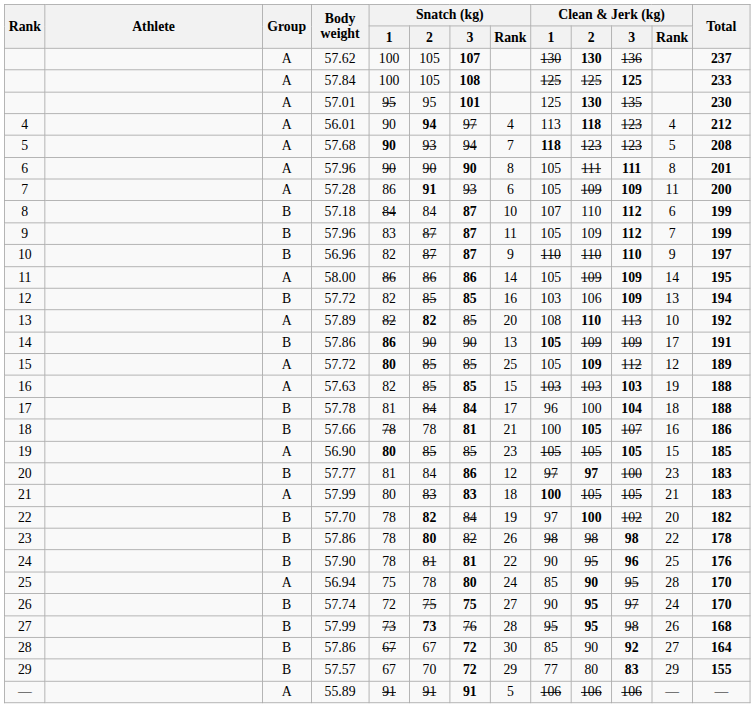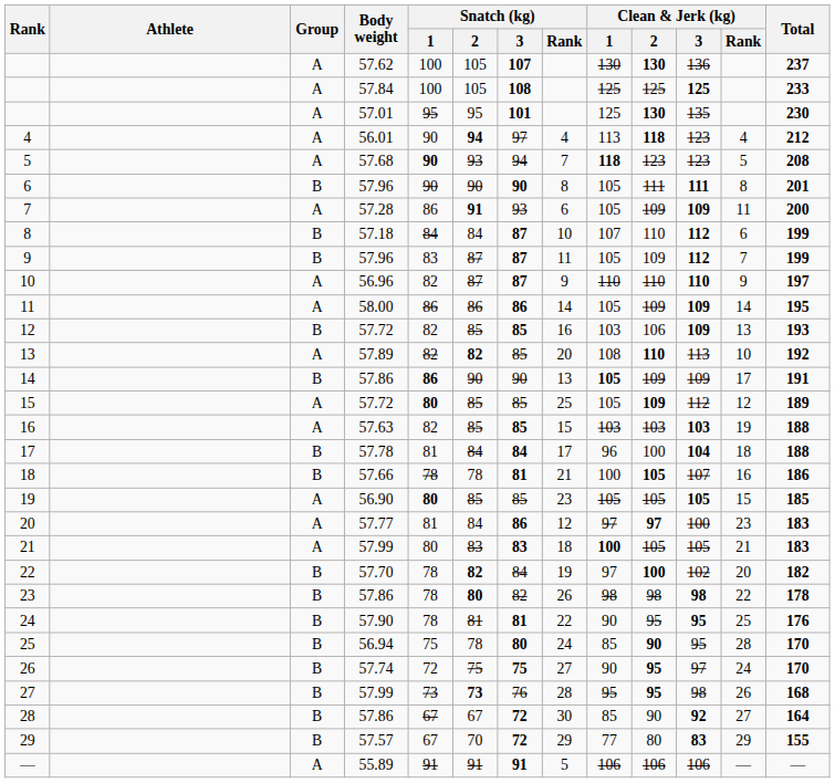 <table class = "wikitable" style="text-align:center;">
 <tr>
 <th rowspan=2 width=40>Rank</th>
 <th rowspan=2 width=250>Athlete</th>
 <th rowspan=2 width=50>Group</th>
 <th rowspan=2 width=60>Body weight</th>
 <th colspan=4>Snatch (kg)</th>
 <th colspan=4>Clean & Jerk (kg)</th>
 <th rowspan=2 width=60>Total</th>
 </tr>
 <tr>
 <th width=40>1</th>
 <th width=40>2</th>
 <th width=40>3</th>
 <th width=40>Rank</th>
 <th width=40>1</th>
 <th width=40>2</th>
 <th width=40>3</th>
 <th width=40>Rank</th>
 </tr>
 <tr>
 <td></td>
 <td align=left></td>
 <td>A</td>
 <td>57.62</td>
 <td>100</td>
 <td>105</td>
 <td><strong>107</strong></td>
 <td></td>
 <td><s>130 </s></td>
 <td><strong>130</strong></td>
 <td><s>136 </s></td>
 <td></td>
 <td><strong>237</strong></td>
 </tr>
 <tr>
 <td></td>
 <td align=left></td>
 <td>A</td>
 <td>57.84</td>
 <td>100</td>
 <td>105</td>
 <td><strong>108</strong></td>
 <td></td>
 <td><s>125 </s></td>
 <td><s>125 </s></td>
 <td><strong>125</strong></td>
 <td></td>
 <td><strong>233</strong></td>
 </tr>
 <tr>
 <td></td>
 <td align=left></td>
 <td>A</td>
 <td>57.01</td>
 <td><s>95 </s></td>
 <td>95</td>
 <td><strong>101</strong></td>
 <td></td>
 <td>125</td>
 <td><strong>130</strong></td>
 <td><s>135 </s></td>
 <td></td>
 <td><strong>230</strong></td>
 </tr>
 <tr>
 <td>4</td>
 <td align=left></td>
 <td>A</td>
 <td>56.01</td>
 <td>90</td>
 <td><strong>94</strong></td>
 <td><s>97 </s></td>
 <td>4</td>
 <td>113</td>
 <td><strong>118</strong></td>
 <td><s>123 </s></td>
 <td>4</td>
 <td><strong>212</strong></td>
 </tr>
 <tr>
 <td>5</td>
 <td align=left></td>
 <td>A</td>
 <td>57.68</td>
 <td><strong>90</strong></td>
 <td><s>93 </s></td>
 <td><s>94 </s></td>
 <td>7</td>
 <td><strong>118</strong></td>
 <td><s>123 </s></td>
 <td><s>123 </s></td>
 <td>5</td>
 <td><strong>208</strong></td>
 </tr>
 <tr>
 <td>6</td>
 <td align=left></td>
-<td>A</td>
+<td>B</td>
 <td>57.96</td>
 <td><s>90 </s></td>
 <td><s>90 </s></td>
 <td><strong>90</strong></td>
 <td>8</td>
 <td>105</td>
 <td><s>111 </s></td>
 <td><strong>111</strong></td>
 <td>8</td>
 <td><strong>201</strong></td>
 </tr>
 <tr>
 <td>7</td>
 <td align=left></td>
 <td>A</td>
 <td>57.28</td>
 <td>86</td>
 <td><strong>91</strong></td>
 <td><s>93 </s></td>
 <td>6</td>
 <td>105</td>
 <td><s>109 </s></td>
 <td><strong>109</strong></td>
 <td>11</td>
 <td><strong>200</strong></td>
 </tr>
 <tr>
 <td>8</td>
 <td align=left></td>
 <td>B</td>
 <td>57.18</td>
 <td><s>84 </s></td>
 <td>84</td>
 <td><strong>87</strong></td>
 <td>10</td>
 <td>107</td>
 <td>110</td>
 <td><strong>112</strong></td>
 <td>6</td>
 <td><strong>199</strong></td>
 </tr>
 <tr>
 <td>9</td>
 <td align=left></td>
 <td>B</td>
 <td>57.96</td>
 <td>83</td>
 <td><s>87 </s></td>
 <td><strong>87</strong></td>
 <td>11</td>
 <td>105</td>
 <td>109</td>
 <td><strong>112</strong></td>
 <td>7</td>
 <td><strong>199</strong></td>
 </tr>
 <tr>
 <td>10</td>
 <td align=left></td>
-<td>B</td>
+<td>A</td>
 <td>56.96</td>
 <td>82</td>
 <td><s>87 </s></td>
 <td><strong>87</strong></td>
 <td>9</td>
 <td><s>110 </s></td>
 <td><s>110 </s></td>
 <td><strong>110</strong></td>
 <td>9</td>
 <td><strong>197</strong></td>
 </tr>
 <tr>
 <td>11</td>
 <td align=left></td>
 <td>A</td>
 <td>58.00</td>
 <td><s>86 </s></td>
 <td><s>86 </s></td>
 <td><strong>86</strong></td>
 <td>14</td>
 <td>105</td>
 <td><s>109 </s></td>
 <td><strong>109</strong></td>
 <td>14</td>
 <td><strong>195</strong></td>
 </tr>
 <tr>
 <td>12</td>
 <td align=left></td>
 <td>B</td>
 <td>57.72</td>
 <td>82</td>
 <td><s>85 </s></td>
 <td><strong>85</strong></td>
 <td>16</td>
 <td>103</td>
 <td>106</td>
 <td><strong>109</strong></td>
 <td>13</td>
-<td><strong>194</strong></td>
+<td><strong>193</strong></td>
 </tr>
 <tr>
 <td>13</td>
 <td align=left></td>
 <td>A</td>
 <td>57.89</td>
 <td><s>82 </s></td>
 <td><strong>82</strong></td>
 <td><s>85 </s></td>
 <td>20</td>
 <td>108</td>
 <td><strong>110</strong></td>
 <td><s>113 </s></td>
 <td>10</td>
 <td><strong>192</strong></td>
 </tr>
 <tr>
 <td>14</td>
 <td align=left></td>
 <td>B</td>
 <td>57.86</td>
 <td><strong>86</strong></td>
 <td><s>90 </s></td>
 <td><s>90 </s></td>
 <td>13</td>
 <td><strong>105</strong></td>
 <td><s>109 </s></td>
 <td><s>109 </s></td>
 <td>17</td>
 <td><strong>191</strong></td>
 </tr>
 <tr>
 <td>15</td>
 <td align=left></td>
 <td>A</td>
 <td>57.72</td>
 <td><strong>80</strong></td>
 <td><s>85 </s></td>
 <td><s>85 </s></td>
 <td>25</td>
 <td>105</td>
 <td><strong>109</strong></td>
 <td><s>112 </s></td>
 <td>12</td>
 <td><strong>189</strong></td>
 </tr>
 <tr>
 <td>16</td>
 <td align=left></td>
 <td>A</td>
 <td>57.63</td>
 <td>82</td>
 <td><s>85 </s></td>
 <td><strong>85</strong></td>
 <td>15</td>
 <td><s>103 </s></td>
 <td><s>103 </s></td>
 <td><strong>103</strong></td>
 <td>19</td>
 <td><strong>188</strong></td>
 </tr>
 <tr>
 <td>17</td>
 <td align=left></td>
 <td>B</td>
 <td>57.78</td>
 <td>81</td>
 <td><s>84 </s></td>
 <td><strong>84</strong></td>
 <td>17</td>
 <td>96</td>
 <td>100</td>
 <td><strong>104</strong></td>
 <td>18</td>
 <td><strong>188</strong></td>
 </tr>
 <tr>
 <td>18</td>
 <td align=left></td>
 <td>B</td>
 <td>57.66</td>
 <td><s>78 </s></td>
 <td>78</td>
 <td><strong>81</strong></td>
 <td>21</td>
 <td>100</td>
 <td><strong>105</strong></td>
 <td><s>107 </s></td>
 <td>16</td>
 <td><strong>186</strong></td>
 </tr>
 <tr>
 <td>19</td>
 <td align=left></td>
 <td>A</td>
 <td>56.90</td>
 <td><strong>80</strong></td>
 <td><s>85 </s></td>
 <td><s>85 </s></td>
 <td>23</td>
 <td><s>105 </s></td>
 <td><s>105 </s></td>
 <td><strong>105</strong></td>
 <td>15</td>
 <td><strong>185</strong></td>
 </tr>
 <tr>
 <td>20</td>
 <td align=left></td>
-<td>B</td>
+<td>A</td>
 <td>57.77</td>
 <td>81</td>
 <td>84</td>
 <td><strong>86</strong></td>
 <td>12</td>
 <td><s>97 </s></td>
 <td><strong>97</strong></td>
 <td><s>100 </s></td>
 <td>23</td>
 <td><strong>183</strong></td>
 </tr>
 <tr>
 <td>21</td>
 <td align=left></td>
 <td>A</td>
 <td>57.99</td>
 <td>80</td>
 <td><s>83 </s></td>
 <td><strong>83</strong></td>
 <td>18</td>
 <td><strong>100</strong></td>
 <td><s>105 </s></td>
 <td><s>105 </s></td>
 <td>21</td>
 <td><strong>183</strong></td>
 </tr>
 <tr>
 <td>22</td>
 <td align=left></td>
 <td>B</td>
 <td>57.70</td>
 <td>78</td>
 <td><strong>82</strong></td>
 <td><s>84 </s></td>
 <td>19</td>
 <td>97</td>
 <td><strong>100</strong></td>
 <td><s>102 </s></td>
 <td>20</td>
 <td><strong>182</strong></td>
 </tr>
 <tr>
 <td>23</td>
 <td align=left></td>
 <td>B</td>
 <td>57.86</td>
 <td>78</td>
 <td><strong>80</strong></td>
 <td><s>82 </s></td>
 <td>26</td>
 <td><s>98 </s></td>
 <td><s>98 </s></td>
 <td><strong>98</strong></td>
 <td>22</td>
 <td><strong>178</strong></td>
 </tr>
 <tr>
 <td>24</td>
 <td align=left></td>
 <td>B</td>
 <td>57.90</td>
 <td>78</td>
 <td><s>81 </s></td>
 <td><strong>81</strong></td>
 <td>22</td>
 <td>90</td>
 <td><s>95 </s></td>
-<td><strong>96</strong></td>
+<td><strong>95</strong></td>
 <td>25</td>
 <td><strong>176</strong></td>
 </tr>
 <tr>
 <td>25</td>
 <td align=left></td>
-<td>A</td>
+<td>B</td>
 <td>56.94</td>
 <td>75</td>
 <td>78</td>
 <td><strong>80</strong></td>
 <td>24</td>
 <td>85</td>
 <td><strong>90</strong></td>
 <td><s>95 </s></td>
 <td>28</td>
 <td><strong>170</strong></td>
 </tr>
 <tr>
 <td>26</td>
 <td align=left></td>
 <td>B</td>
 <td>57.74</td>
 <td>72</td>
 <td><s>75 </s></td>
 <td><strong>75</strong></td>
 <td>27</td>
 <td>90</td>
 <td><strong>95</strong></td>
 <td><s>97 </s></td>
 <td>24</td>
 <td><strong>170</strong></td>
 </tr>
 <tr>
 <td>27</td>
 <td align=left></td>
 <td>B</td>
 <td>57.99</td>
 <td><s>73 </s></td>
 <td><strong>73</strong></td>
 <td><s>76 </s></td>
 <td>28</td>
 <td><s>95 </s></td>
 <td><strong>95</strong></td>
 <td><s>98 </s></td>
 <td>26</td>
 <td><strong>168</strong></td>
 </tr>
 <tr>
 <td>28</td>
 <td align=left></td>
 <td>B</td>
 <td>57.86</td>
 <td><s>67 </s></td>
 <td>67</td>
 <td><strong>72</strong></td>
 <td>30</td>
 <td>85</td>
 <td>90</td>
 <td><strong>92</strong></td>
 <td>27</td>
 <td><strong>164</strong></td>
 </tr>
 <tr>
 <td>29</td>
 <td align=left></td>
 <td>B</td>
 <td>57.57</td>
 <td>67</td>
 <td>70</td>
 <td><strong>72</strong></td>
 <td>29</td>
 <td>77</td>
 <td>80</td>
 <td><strong>83</strong></td>
 <td>29</td>
 <td><strong>155</strong></td>
 </tr>
 <tr>
 <td>—</td>
 <td align=left></td>
 <td>A</td>
 <td>55.89</td>
 <td><s>91 </s></td>
 <td><s>91 </s></td>
 <td><strong>91</strong></td>
 <td>5</td>
 <td><s>106 </s></td>
 <td><s>106 </s></td>
 <td><s>106 </s></td>
 <td>—</td>
 <td>—</td>
 </tr>
 </table>
